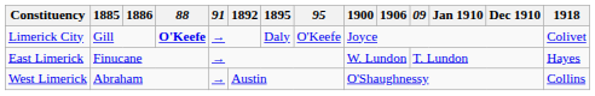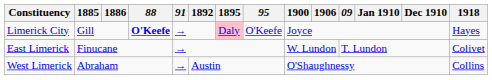 <table class="wikitable">
 <tr>
 <th>Constituency</th>
 <th>1885</th>
 <th>1886</th>
 <th><em>88</em></th>
 <th><em>91</em></th>
 <th>1892</th>
 <th>1895</th>
 <th><em>95</em></th>
 <th>1900</th>
 <th>1906</th>
 <th><em>09</em></th>
 <th>Jan 1910</th>
 <th>Dec 1910</th>
 <th>1918</th>
 </tr>
 <tr>
 <td><a href='#'>Limerick City</a></td>
 <td colspan="2"><a href='#'>Gill</a></td>
 <td><strong><a href='#'>O'Keefe</a></strong></td>
 <td colspan="2"><a href='#'>→</a></td>
-<td><a href='#'>Daly</a></td>
+<td style="background: pink;"><a href='#'>Daly</a></td>
 <td><a href='#'>O'Keefe</a></td>
 <td colspan="5"><a href='#'>Joyce</a></td>
-<td><a href='#'>Colivet</a></td>
+<td><a href='#'>Hayes</a></td>
 </tr>
 <tr>
 <td><a href='#'>East Limerick</a></td>
 <td colspan="3"><a href='#'>Finucane</a></td>
 <td colspan="4"><a href='#'>→</a></td>
 <td colspan="2"><a href='#'>W. Lundon</a></td>
 <td colspan="3"><a href='#'>T. Lundon</a></td>
-<td><a href='#'>Hayes</a></td>
+<td><a href='#'>Colivet</a></td>
 </tr>
 <tr>
 <td><a href='#'>West Limerick</a></td>
 <td colspan="3"><a href='#'>Abraham</a></td>
 <td><a href='#'>→</a></td>
 <td colspan="3"><a href='#'>Austin</a></td>
 <td colspan="5"><a href='#'>O'Shaughnessy</a></td>
 <td><a href='#'>Collins</a></td>
 </tr>
 </table>
